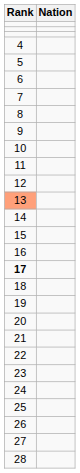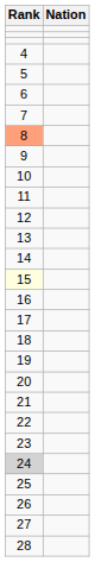 <table class="wikitable sortable" style="text-align:left">
 <tr>
 <th>Rank</th>
 <th>Nation</th>
 </tr>
 <tr>
 <td align="center"></td>
 <td></td>
 </tr>
 <tr>
 <td align="center"></td>
 <td></td>
 </tr>
 <tr>
 <td align="center"></td>
 <td></td>
 </tr>
 <tr>
 <td align="center">4</td>
 <td></td>
 </tr>
 <tr>
 <td align="center">5</td>
 <td></td>
 </tr>
 <tr>
 <td align="center">6</td>
 <td></td>
 </tr>
 <tr>
 <td align="center">7</td>
 <td></td>
 </tr>
 <tr>
-<td align="center">8</td>
+<td align="center" style="background: lightsalmon;">8</td>
 <td></td>
 </tr>
 <tr>
 <td align="center">9</td>
 <td></td>
 </tr>
 <tr>
 <td align="center">10</td>
 <td></td>
 </tr>
 <tr>
 <td align="center">11</td>
 <td></td>
 </tr>
 <tr>
 <td align="center">12</td>
 <td></td>
 </tr>
 <tr>
-<td align="center" style="background: lightsalmon;">13</td>
+<td align="center">13</td>
 <td></td>
 </tr>
 <tr>
 <td align="center">14</td>
 <td></td>
 </tr>
 <tr>
-<td align="center">15</td>
+<td align="center" style="background: lightyellow;">15</td>
 <td></td>
 </tr>
 <tr>
 <td align="center">16</td>
 <td></td>
 </tr>
 <tr>
-<td align="center"><strong>17</strong></td>
+<td align="center">17</td>
 <td></td>
 </tr>
 <tr>
 <td align="center">18</td>
 <td></td>
 </tr>
 <tr>
 <td align="center">19</td>
 <td></td>
 </tr>
 <tr>
 <td align="center">20</td>
 <td></td>
 </tr>
 <tr>
 <td align="center">21</td>
 <td></td>
 </tr>
 <tr>
 <td align="center">22</td>
 <td></td>
 </tr>
 <tr>
 <td align="center">23</td>
 <td></td>
 </tr>
 <tr>
-<td align="center">24</td>
+<td align="center" style="background: lightgrey;">24</td>
 <td></td>
 </tr>
 <tr>
 <td align="center">25</td>
 <td></td>
 </tr>
 <tr>
 <td align="center">26</td>
 <td></td>
 </tr>
 <tr>
 <td align="center">27</td>
 <td></td>
 </tr>
 <tr>
 <td align="center">28</td>
 <td></td>
 </tr>
 </table>
